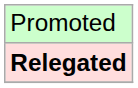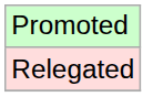 <table class="wikitable">
 <tr width=10px bgcolor="#ccffcc">
 <td>Promoted</td>
 </tr>
 <tr width=10px bgcolor="#ffdddd">
-<td><strong>Relegated</strong></td>
+<td>Relegated</td>
 </tr>
 <tr>
 </tr>
 </table>
